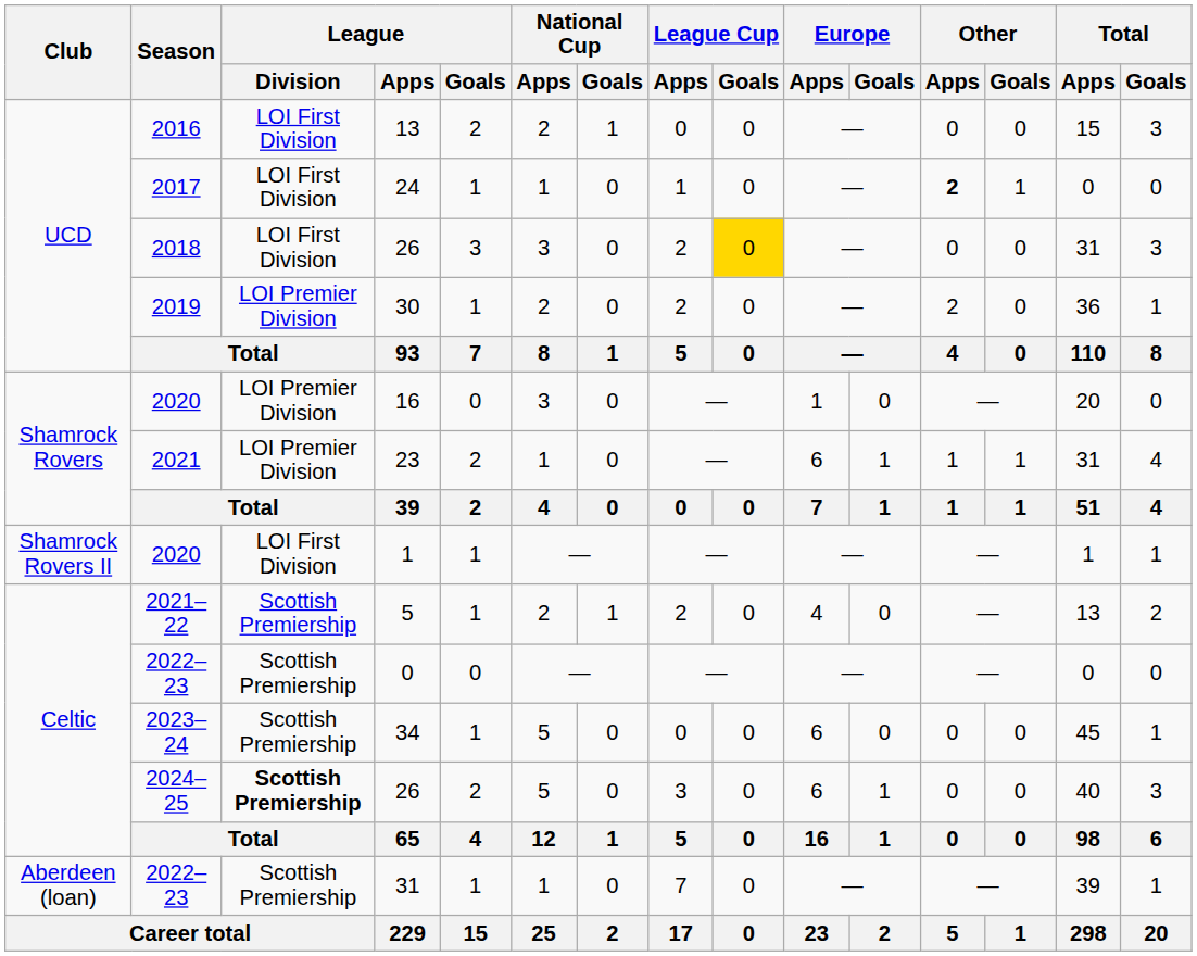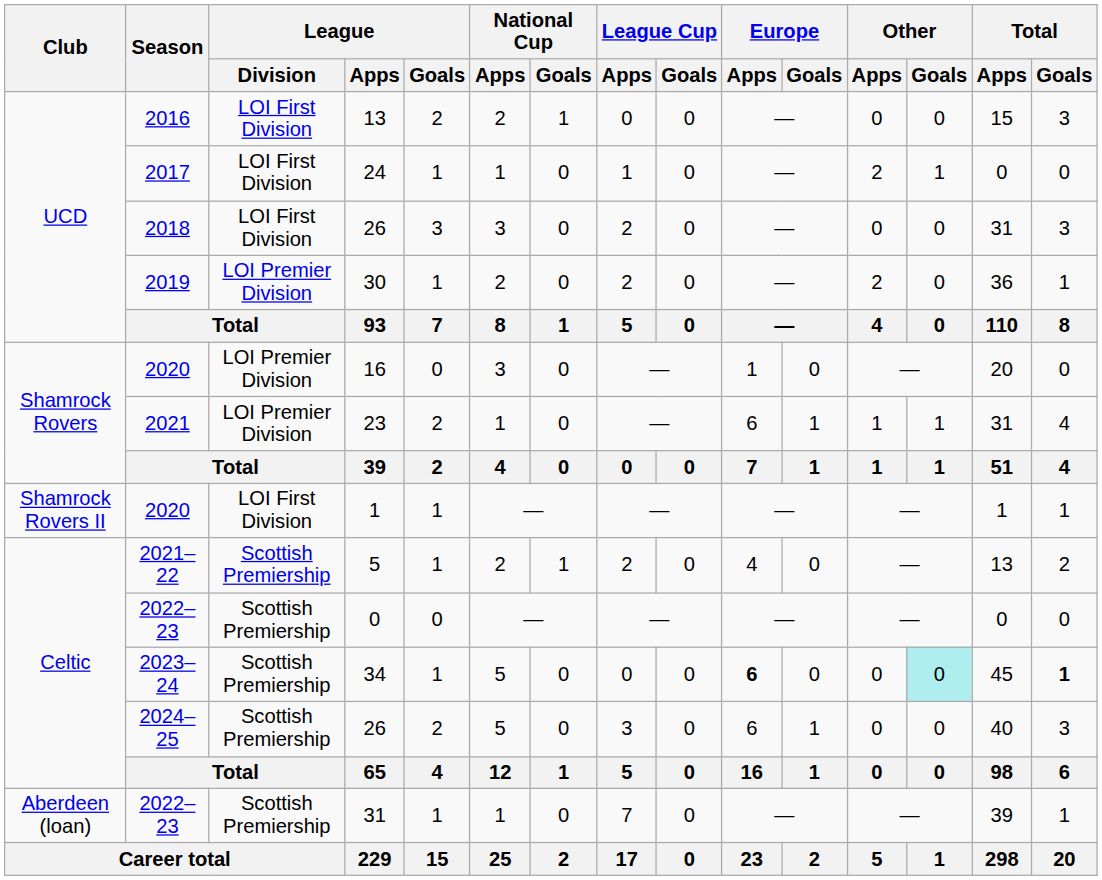 <table class="wikitable" style="text-align:center">
 <tr>
 <th rowspan="2">Club</th>
 <th rowspan="2">Season</th>
 <th colspan="3">League</th>
 <th colspan="2">National Cup</th>
 <th colspan="2"><a href='#'>League Cup</a></th>
 <th colspan="2"><a href='#'>Europe</a></th>
 <th colspan="2">Other</th>
 <th colspan="2">Total</th>
 </tr>
 <tr>
 <th>Division</th>
 <th>Apps</th>
 <th>Goals</th>
 <th>Apps</th>
 <th>Goals</th>
 <th>Apps</th>
 <th>Goals</th>
 <th>Apps</th>
 <th>Goals</th>
 <th>Apps</th>
 <th>Goals</th>
 <th>Apps</th>
 <th>Goals</th>
 </tr>
 <tr>
 <td rowspan="5"><a href='#'>UCD</a></td>
 <td><a href='#'>2016</a></td>
 <td><a href='#'>LOI First Division</a></td>
 <td>13</td>
 <td>2</td>
 <td>2</td>
 <td>1</td>
 <td>0</td>
 <td>0</td>
 <td colspan="2">—</td>
 <td>0</td>
 <td>0</td>
 <td>15</td>
 <td>3</td>
 </tr>
 <tr>
 <td><a href='#'>2017</a></td>
 <td>LOI First Division</td>
 <td>24</td>
 <td>1</td>
 <td>1</td>
 <td>0</td>
 <td>1</td>
 <td>0</td>
 <td colspan="2">—</td>
-<td><strong>2</strong></td>
+<td>2</td>
 <td>1</td>
 <td>0</td>
 <td>0</td>
 </tr>
 <tr>
 <td><a href='#'>2018</a></td>
 <td>LOI First Division</td>
 <td>26</td>
 <td>3</td>
 <td>3</td>
 <td>0</td>
 <td>2</td>
-<td style="background: gold;">0</td>
+<td>0</td>
 <td colspan="2">—</td>
 <td>0</td>
 <td>0</td>
 <td>31</td>
 <td>3</td>
 </tr>
 <tr>
 <td><a href='#'>2019</a></td>
 <td><a href='#'>LOI Premier Division</a></td>
 <td>30</td>
 <td>1</td>
 <td>2</td>
 <td>0</td>
 <td>2</td>
 <td>0</td>
 <td colspan="2">—</td>
 <td>2</td>
 <td>0</td>
 <td>36</td>
 <td>1</td>
 </tr>
 <tr>
 <th colspan="2">Total</th>
 <th>93</th>
 <th>7</th>
 <th>8</th>
 <th>1</th>
 <th>5</th>
 <th>0</th>
 <th colspan="2">—</th>
 <th>4</th>
 <th>0</th>
 <th>110</th>
 <th>8</th>
 </tr>
 <tr>
 <td rowspan="3"><a href='#'>Shamrock Rovers</a></td>
 <td><a href='#'>2020</a></td>
 <td>LOI Premier Division</td>
 <td>16</td>
 <td>0</td>
 <td>3</td>
 <td>0</td>
 <td colspan="2">—</td>
 <td>1</td>
 <td>0</td>
 <td colspan="2">—</td>
 <td>20</td>
 <td>0</td>
 </tr>
 <tr>
 <td><a href='#'>2021</a></td>
 <td>LOI Premier Division</td>
 <td>23</td>
 <td>2</td>
 <td>1</td>
 <td>0</td>
 <td colspan="2">—</td>
 <td>6</td>
 <td>1</td>
 <td>1</td>
 <td>1</td>
 <td>31</td>
 <td>4</td>
 </tr>
 <tr>
 <th colspan="2">Total</th>
 <th>39</th>
 <th>2</th>
 <th>4</th>
 <th>0</th>
 <th>0</th>
 <th>0</th>
 <th>7</th>
 <th>1</th>
 <th>1</th>
 <th>1</th>
 <th>51</th>
 <th>4</th>
 </tr>
 <tr>
 <td><a href='#'>Shamrock Rovers II</a></td>
 <td><a href='#'>2020</a></td>
 <td>LOI First Division</td>
 <td>1</td>
 <td>1</td>
 <td colspan="2">—</td>
 <td colspan="2">—</td>
 <td colspan="2">—</td>
 <td colspan="2">—</td>
 <td>1</td>
 <td>1</td>
 </tr>
 <tr>
 <td rowspan="5"><a href='#'>Celtic</a></td>
 <td><a href='#'>2021–22</a></td>
 <td><a href='#'>Scottish Premiership</a></td>
 <td>5</td>
 <td>1</td>
 <td>2</td>
 <td>1</td>
 <td>2</td>
 <td>0</td>
 <td>4</td>
 <td>0</td>
 <td colspan="2">—</td>
 <td>13</td>
 <td>2</td>
 </tr>
 <tr>
 <td><a href='#'>2022–23</a></td>
 <td>Scottish Premiership</td>
 <td>0</td>
 <td>0</td>
 <td colspan="2">—</td>
 <td colspan="2">—</td>
 <td colspan="2">—</td>
 <td colspan="2">—</td>
 <td>0</td>
 <td>0</td>
 </tr>
 <tr>
 <td><a href='#'>2023–24</a></td>
 <td>Scottish Premiership</td>
 <td>34</td>
 <td>1</td>
 <td>5</td>
 <td>0</td>
 <td>0</td>
 <td>0</td>
-<td>6</td>
+<td><strong>6</strong></td>
 <td>0</td>
 <td>0</td>
-<td>0</td>
+<td style="background: paleturquoise;">0</td>
 <td>45</td>
-<td>1</td>
+<td><strong>1</strong></td>
 </tr>
 <tr>
 <td><a href='#'>2024–25</a></td>
-<td><strong>Scottish Premiership</strong></td>
+<td>Scottish Premiership</td>
 <td>26</td>
 <td>2</td>
 <td>5</td>
 <td>0</td>
 <td>3</td>
 <td>0</td>
 <td>6</td>
 <td>1</td>
 <td>0</td>
 <td>0</td>
 <td>40</td>
 <td>3</td>
 </tr>
 <tr>
 <th colspan="2">Total</th>
 <th>65</th>
 <th>4</th>
 <th>12</th>
 <th>1</th>
 <th>5</th>
 <th>0</th>
 <th>16</th>
 <th>1</th>
 <th>0</th>
 <th>0</th>
 <th>98</th>
 <th>6</th>
 </tr>
 <tr>
 <td><a href='#'>Aberdeen</a> (loan)</td>
 <td><a href='#'>2022–23</a></td>
 <td>Scottish Premiership</td>
 <td>31</td>
 <td>1</td>
 <td>1</td>
 <td>0</td>
 <td>7</td>
 <td>0</td>
 <td colspan="2">—</td>
 <td colspan="2">—</td>
 <td>39</td>
 <td>1</td>
 </tr>
 <tr>
 <th colspan="3">Career total</th>
 <th>229</th>
 <th>15</th>
 <th>25</th>
 <th>2</th>
 <th>17</th>
 <th>0</th>
 <th>23</th>
 <th>2</th>
 <th>5</th>
 <th>1</th>
 <th>298</th>
 <th>20</th>
 </tr>
 </table>
